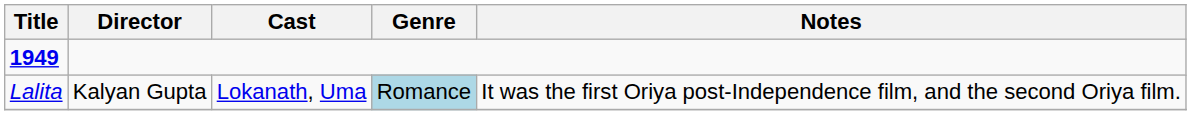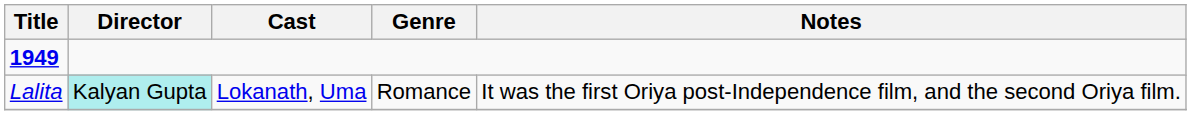 <table class="wikitable">
 <tr>
 <th>Title</th>
 <th>Director</th>
 <th>Cast</th>
 <th>Genre</th>
 <th>Notes</th>
 </tr>
 <tr>
 <td><strong><a href='#'>1949</a></strong></td>
 </tr>
 <tr>
 <td><em><a href='#'>Lalita</a></em></td>
-<td>Kalyan Gupta</td>
+<td style="background: paleturquoise;">Kalyan Gupta</td>
 <td><a href='#'>Lokanath</a>, <a href='#'>Uma</a></td>
-<td style="background: lightblue;">Romance</td>
+<td>Romance</td>
 <td>It was the first Oriya post-Independence film, and the second Oriya film.</td>
 </tr>
 <tr>
 </tr>
 </table>
